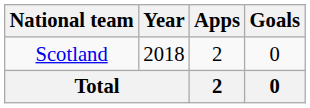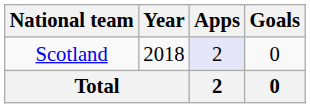 <table class="wikitable" style="text-align:center">
 <tr>
 <th>National team</th>
 <th>Year</th>
 <th>Apps</th>
 <th>Goals</th>
 </tr>
 <tr>
 <td><a href='#'>Scotland</a></td>
 <td>2018</td>
-<td>2</td>
+<td style="background: lavender;">2</td>
 <td>0</td>
 </tr>
 <tr>
 <th colspan="2">Total</th>
 <th>2</th>
 <th>0</th>
 </tr>
 </table>
